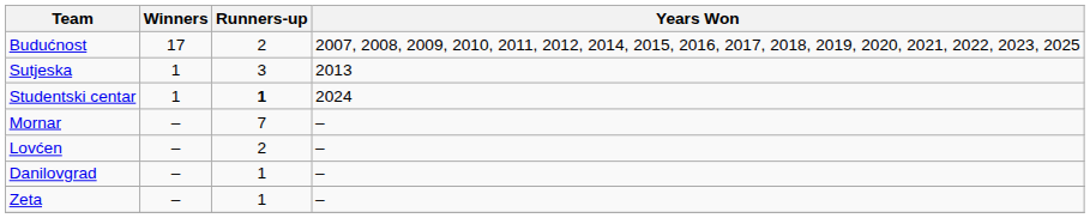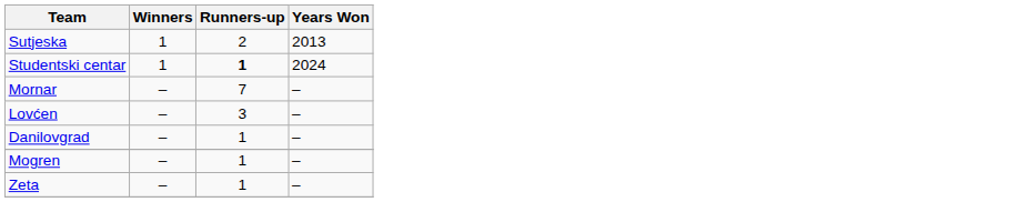 <table class="wikitable" style="font-size:90%">
 <tr>
 <th>Team</th>
 <th>Winners</th>
 <th>Runners-up</th>
 <th>Years Won</th>
 </tr>
 <tr>
-<td><a href='#'>Budućnost</a></td>
-<td align="center">17</td>
-<td align="center">2</td>
-<td>2007, 2008, 2009, 2010, 2011, 2012, 2014, 2015, 2016, 2017, 2018, 2019, 2020, 2021, 2022, 2023, 2025</td>
-</tr>
-<tr>
 <td><a href='#'>Sutjeska</a></td>
 <td align="center">1</td>
-<td align="center">3</td>
+<td align="center">2</td>
 <td>2013</td>
 </tr>
 <tr>
 <td><a href='#'>Studentski centar</a></td>
 <td align="center">1</td>
 <td align="center"><strong>1</strong></td>
 <td>2024</td>
 </tr>
 <tr>
 <td><a href='#'>Mornar</a></td>
 <td align="center">–</td>
 <td align="center">7</td>
 <td>–</td>
 </tr>
 <tr>
 <td><a href='#'>Lovćen</a></td>
 <td align="center">–</td>
-<td align="center">2</td>
+<td align="center">3</td>
 <td>–</td>
 </tr>
 <tr>
 <td><a href='#'>Danilovgrad</a></td>
 <td align="center">–</td>
 <td align="center">1</td>
 <td>–</td>
 </tr>
 <tr>
 </tr>
 <tr>
+<td><a href='#'>Mogren</a></td>
+<td align="center">–</td>
+<td align="center">1</td>
+<td>–</td>
+</tr>
+<tr>
 <td><a href='#'>Zeta</a></td>
 <td align="center">–</td>
 <td align="center">1</td>
 <td>–</td>
 </tr>
 <tr>
 </tr>
 </table>
